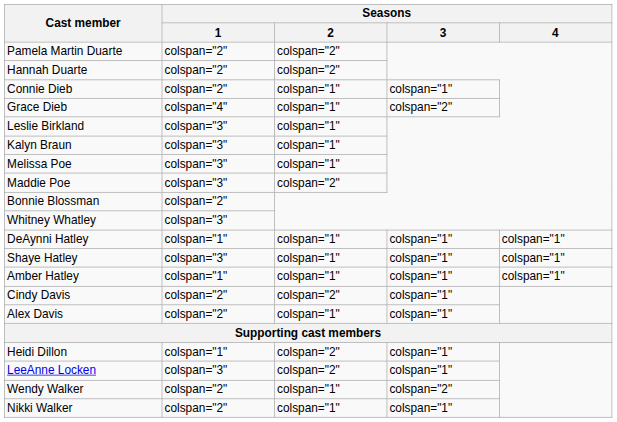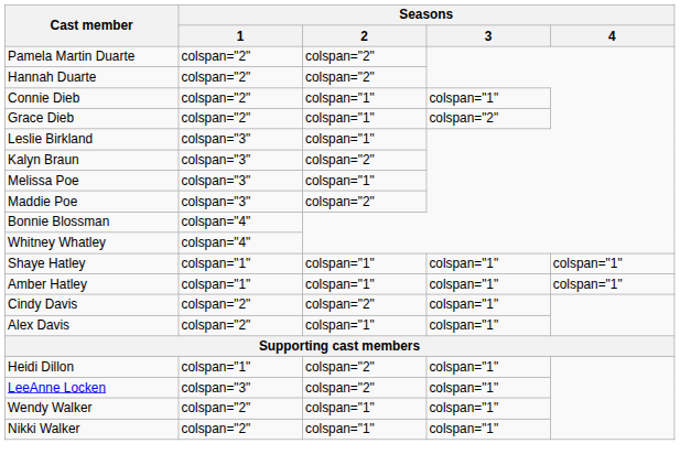 <table class="wikitable plainrowheaders" style="width:65%;">
 <tr>
 <th rowspan="2" style="width:15%;"><strong>Cast member</strong></th>
 <th colspan="4">Seasons</th>
 </tr>
 <tr>
 <th style="width:10%;">1</th>
 <th style="width:10%;">2</th>
 <th style="width:10%;">3</th>
 <th style="width:10%;">4</th>
 </tr>
 <tr>
 <td>Pamela Martin Duarte</td>
 <td>colspan="2" </td>
 <td>colspan="2" </td>
 </tr>
 <tr>
 <td>Hannah Duarte</td>
 <td>colspan="2" </td>
 <td>colspan="2" </td>
 </tr>
 <tr>
 <td>Connie Dieb</td>
 <td>colspan="2" </td>
 <td>colspan="1" </td>
 <td>colspan="1" </td>
 </tr>
 <tr>
 <td>Grace Dieb</td>
-<td>colspan="4" </td>
+<td>colspan="2" </td>
 <td>colspan="1" </td>
 <td>colspan="2" </td>
 </tr>
 <tr>
 <td>Leslie Birkland</td>
 <td>colspan="3" </td>
 <td>colspan="1" </td>
 </tr>
 <tr>
 <td>Kalyn Braun</td>
 <td>colspan="3" </td>
-<td>colspan="1" </td>
+<td>colspan="2" </td>
 </tr>
 <tr>
 <td>Melissa Poe</td>
 <td>colspan="3" </td>
 <td>colspan="1" </td>
 </tr>
 <tr>
 <td>Maddie Poe</td>
 <td>colspan="3" </td>
 <td>colspan="2" </td>
 </tr>
 <tr>
 <td>Bonnie Blossman</td>
-<td>colspan="2" </td>
+<td>colspan="4" </td>
 </tr>
 <tr>
 <td>Whitney Whatley</td>
-<td>colspan="3" </td>
-</tr>
-<tr>
-<td>DeAynni Hatley</td>
-<td>colspan="1" </td>
-<td>colspan="1" </td>
-<td>colspan="1" </td>
-<td>colspan="1" </td>
+<td>colspan="4" </td>
 </tr>
 <tr>
 <td>Shaye Hatley</td>
-<td>colspan="3" </td>
+<td>colspan="1" </td>
 <td>colspan="1" </td>
 <td>colspan="1" </td>
 <td>colspan="1" </td>
 </tr>
 <tr>
 <td>Amber Hatley</td>
 <td>colspan="1" </td>
 <td>colspan="1" </td>
 <td>colspan="1" </td>
 <td>colspan="1" </td>
 </tr>
 <tr>
 <td>Cindy Davis</td>
 <td>colspan="2" </td>
 <td>colspan="2" </td>
 <td>colspan="1" </td>
 </tr>
 <tr>
 <td>Alex Davis</td>
 <td>colspan="2" </td>
 <td>colspan="1" </td>
 <td>colspan="1" </td>
 </tr>
 <tr>
 <th colspan="5">Supporting cast members</th>
 </tr>
 <tr>
 <td>Heidi Dillon</td>
 <td>colspan="1" </td>
 <td>colspan="2" </td>
 <td>colspan="1" </td>
 </tr>
 <tr>
 <td><a href='#'>LeeAnne Locken</a></td>
 <td>colspan="3" </td>
 <td>colspan="2" </td>
 <td>colspan="1" </td>
 </tr>
 <tr>
 <td>Wendy Walker</td>
 <td>colspan="2" </td>
 <td>colspan="1" </td>
-<td>colspan="2" </td>
+<td>colspan="1" </td>
 </tr>
 <tr>
 <td>Nikki Walker</td>
 <td>colspan="2" </td>
 <td>colspan="1" </td>
 <td>colspan="1" </td>
 </tr>
 </table>
